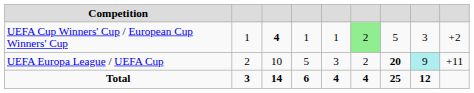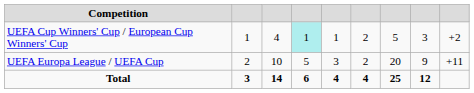 <table class="wikitable" style="text-align: center;">
 <tr>
 <th width="318" style="background:#DCDCDC">Competition</th>
 <th width="35" style="background:#DCDCDC"></th>
 <th width="35" style="background:#DCDCDC"></th>
 <th width="35" style="background:#DCDCDC"></th>
 <th width="35" style="background:#DCDCDC"></th>
 <th width="35" style="background:#DCDCDC"></th>
 <th width="35" style="background:#DCDCDC"></th>
 <th width="35" style="background:#DCDCDC"></th>
 <th width="35" style="background:#DCDCDC"></th>
 </tr>
 <tr>
 <td align=left><a href='#'>UEFA Cup Winners' Cup</a> / <a href='#'>European Cup Winners' Cup</a></td>
 <td>1</td>
-<td><strong>4</strong></td>
+<td>4</td>
+<td style="background: paleturquoise;">1</td>
 <td>1</td>
-<td>1</td>
-<td style="background: lightgreen;">2</td>
+<td>2</td>
 <td>5</td>
 <td>3</td>
 <td>+2</td>
 </tr>
 <tr>
 <td align=left><a href='#'>UEFA Europa League</a> / <a href='#'>UEFA Cup</a></td>
 <td>2</td>
 <td>10</td>
 <td>5</td>
 <td>3</td>
 <td>2</td>
-<td><strong>20</strong></td>
-<td style="background: paleturquoise;">9</td>
+<td>20</td>
+<td>9</td>
 <td>+11</td>
 </tr>
 <tr>
 <td><strong>Total</strong></td>
 <td><strong>3</strong></td>
 <td><strong>14</strong></td>
 <td><strong>6</strong></td>
 <td><strong>4</strong></td>
 <td><strong>4</strong></td>
 <td><strong>25</strong></td>
 <td><strong>12</strong></td>
 <td><strong></strong></td>
 </tr>
 </table>
